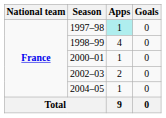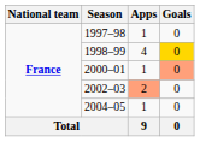 <table class="wikitable" style="text-align:center">
 <tr>
 <th>National team</th>
 <th>Season</th>
 <th>Apps</th>
 <th>Goals</th>
 </tr>
 <tr>
 <td rowspan=5 valign="center"><strong><a href='#'>France</a></strong></td>
 <td>1997–98</td>
-<td style="background: paleturquoise;">1</td>
+<td>1</td>
 <td>0</td>
 </tr>
 <tr>
 <td>1998–99</td>
 <td>4</td>
-<td>0</td>
+<td style="background: gold;">0</td>
 </tr>
 <tr>
 <td>2000–01</td>
 <td>1</td>
-<td>0</td>
+<td style="background: lightsalmon;">0</td>
 </tr>
 <tr>
 <td>2002–03</td>
-<td>2</td>
+<td style="background: lightsalmon;">2</td>
 <td>0</td>
 </tr>
 <tr>
 <td>2004–05</td>
 <td>1</td>
 <td>0</td>
 </tr>
 <tr>
 <th colspan=2>Total</th>
 <th>9</th>
 <th>0</th>
 </tr>
 </table>
